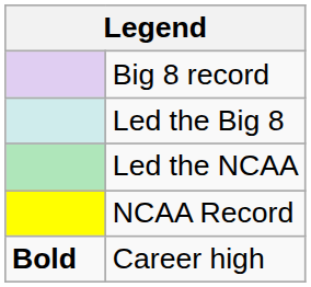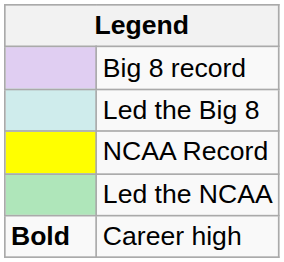 <table class="wikitable">
 <tr>
 <th colspan="2">Legend</th>
 </tr>
 <tr>
 <td style="background:#e0cef2; width:3em"></td>
 <td>Big 8 record</td>
 </tr>
 <tr>
 <td style="background:#cfecec; width:3em;"></td>
 <td>Led the Big 8</td>
 </tr>
 <tr>
+<td style="background:#ff0; width:3em;"></td>
+<td>NCAA Record</td>
+</tr>
+<tr>
 <td style="background:#afe6ba; width:3em;"></td>
 <td>Led the NCAA</td>
-</tr>
-<tr>
-<td style="background:#ff0; width:3em;"></td>
-<td>NCAA Record</td>
 </tr>
 <tr>
 <td><strong>Bold</strong></td>
 <td>Career high</td>
 </tr>
 </table>
